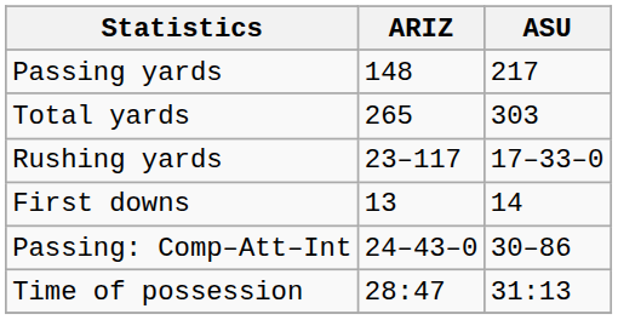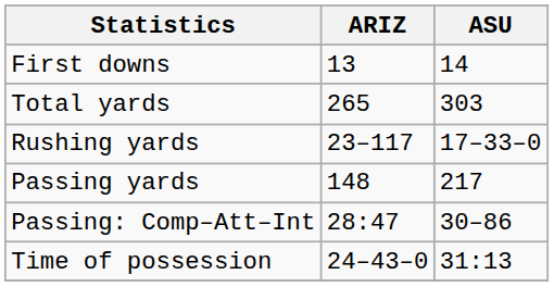 <table class="wikitable" style="float: left;">
 <tr>
 <th>Statistics</th>
 <th>ARIZ</th>
 <th>ASU</th>
 </tr>
 <tr>
-<td>Passing yards</td>
-<td>148</td>
-<td>217</td>
+<td>First downs</td>
+<td>13</td>
+<td>14</td>
 </tr>
 <tr>
 <td>Total yards</td>
 <td>265</td>
 <td>303</td>
 </tr>
 <tr>
 <td>Rushing yards</td>
 <td>23–117</td>
 <td>17–33–0</td>
 </tr>
 <tr>
-<td>First downs</td>
-<td>13</td>
-<td>14</td>
+<td>Passing yards</td>
+<td>148</td>
+<td>217</td>
 </tr>
 <tr>
 <td>Passing: Comp–Att–Int</td>
-<td>24–43–0</td>
+<td>28:47</td>
 <td>30–86</td>
 </tr>
 <tr>
 <td>Time of possession</td>
-<td>28:47</td>
+<td>24–43–0</td>
 <td>31:13</td>
 </tr>
 <tr>
 </tr>
 </table>
